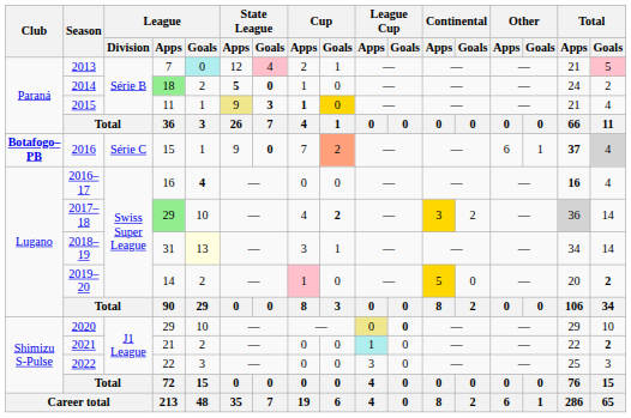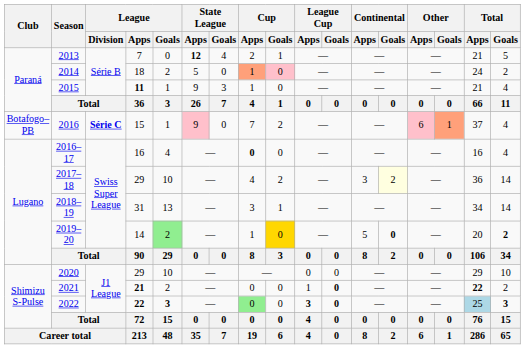 <table class="wikitable" style="text-align: center;">
 <tr>
 <th rowspan="2">Club</th>
 <th rowspan="2">Season</th>
 <th colspan="3">League</th>
 <th colspan="2">State League</th>
 <th colspan="2">Cup</th>
 <th colspan="2">League Cup</th>
 <th colspan="2">Continental</th>
 <th colspan="2">Other</th>
 <th colspan="2">Total</th>
 </tr>
 <tr>
 <th>Division</th>
 <th>Apps</th>
 <th>Goals</th>
 <th>Apps</th>
 <th>Goals</th>
 <th>Apps</th>
 <th>Goals</th>
 <th>Apps</th>
 <th>Goals</th>
 <th>Apps</th>
 <th>Goals</th>
 <th>Apps</th>
 <th>Goals</th>
 <th>Apps</th>
 <th>Goals</th>
 </tr>
 <tr>
 <td rowspan="4" valign="center"><a href='#'>Paraná</a></td>
 <td><a href='#'>2013</a></td>
 <td rowspan="3"><a href='#'>Série B</a></td>
 <td>7</td>
-<td style="background: paleturquoise;">0</td>
-<td>12</td>
-<td style="background: pink;">4</td>
+<td>0</td>
+<td><strong>12</strong></td>
+<td>4</td>
 <td>2</td>
 <td>1</td>
 <td colspan="2">—</td>
 <td colspan="2">—</td>
 <td colspan="2">—</td>
 <td>21</td>
-<td style="background: pink;">5</td>
+<td>5</td>
 </tr>
 <tr>
 <td><a href='#'>2014</a></td>
-<td style="background: lightgreen;">18</td>
+<td>18</td>
 <td>2</td>
-<td><strong>5</strong></td>
-<td><strong>0</strong></td>
-<td>1</td>
+<td>5</td>
 <td>0</td>
+<td style="background: lightsalmon;">1</td>
+<td style="background: pink;">0</td>
 <td colspan="2">—</td>
 <td colspan="2">—</td>
 <td colspan="2">—</td>
 <td>24</td>
 <td>2</td>
 </tr>
 <tr>
 <td><a href='#'>2015</a></td>
-<td>11</td>
+<td><strong>11</strong></td>
 <td>1</td>
-<td style="background: khaki;">9</td>
-<td><strong>3</strong></td>
-<td><strong>1</strong></td>
-<td style="background: gold;">0</td>
+<td>9</td>
+<td>3</td>
+<td>1</td>
+<td>0</td>
 <td colspan="2">—</td>
 <td colspan="2">—</td>
 <td colspan="2">—</td>
 <td>21</td>
 <td>4</td>
 </tr>
 <tr>
 <th colspan="2">Total</th>
 <th>36</th>
 <th>3</th>
 <th>26</th>
 <th>7</th>
 <th>4</th>
 <th>1</th>
 <th>0</th>
 <th>0</th>
 <th>0</th>
 <th>0</th>
 <th>0</th>
 <th>0</th>
 <th>66</th>
 <th>11</th>
 </tr>
 <tr>
-<td valign="center"><strong><a href='#'>Botafogo–PB</a></strong></td>
+<td valign="center"><a href='#'>Botafogo–PB</a></td>
 <td><a href='#'>2016</a></td>
-<td><a href='#'>Série C</a></td>
+<td><strong><a href='#'>Série C</a></strong></td>
 <td>15</td>
 <td>1</td>
-<td>9</td>
-<td><strong>0</strong></td>
+<td style="background: pink;">9</td>
+<td>0</td>
 <td>7</td>
-<td style="background: lightsalmon;">2</td>
+<td>2</td>
 <td colspan="2">—</td>
 <td colspan="2">—</td>
-<td>6</td>
-<td>1</td>
-<td><strong>37</strong></td>
-<td style="background: lightgrey;">4</td>
+<td style="background: pink;">6</td>
+<td style="background: lightsalmon;">1</td>
+<td>37</td>
+<td>4</td>
 </tr>
 <tr>
 <td rowspan="5" valign="center"><a href='#'>Lugano</a></td>
 <td><a href='#'>2016–17</a></td>
 <td rowspan="4"><a href='#'>Swiss Super League</a></td>
 <td>16</td>
-<td><strong>4</strong></td>
+<td>4</td>
 <td colspan="2">—</td>
-<td>0</td>
+<td><strong>0</strong></td>
 <td>0</td>
 <td colspan="2">—</td>
 <td colspan="2">—</td>
 <td colspan="2">—</td>
-<td><strong>16</strong></td>
+<td>16</td>
 <td>4</td>
 </tr>
 <tr>
 <td><a href='#'>2017–18</a></td>
-<td style="background: lightgreen;">29</td>
+<td>29</td>
 <td>10</td>
 <td colspan="2">—</td>
 <td>4</td>
-<td><strong>2</strong></td>
-<td colspan="2">—</td>
-<td style="background: gold;">3</td>
 <td>2</td>
 <td colspan="2">—</td>
-<td style="background: lightgrey;">36</td>
+<td>3</td>
+<td style="background: lightyellow;">2</td>
+<td colspan="2">—</td>
+<td>36</td>
 <td>14</td>
 </tr>
 <tr>
 <td><a href='#'>2018–19</a></td>
 <td>31</td>
-<td style="background: lightyellow;">13</td>
+<td>13</td>
 <td colspan="2">—</td>
 <td>3</td>
 <td>1</td>
 <td colspan="2">—</td>
 <td colspan="2">—</td>
 <td colspan="2">—</td>
 <td>34</td>
 <td>14</td>
 </tr>
 <tr>
 <td><a href='#'>2019–20</a></td>
 <td>14</td>
-<td>2</td>
+<td style="background: lightgreen;">2</td>
 <td colspan="2">—</td>
-<td style="background: pink;">1</td>
-<td>0</td>
+<td>1</td>
+<td style="background: gold;">0</td>
 <td colspan="2">—</td>
-<td style="background: gold;">5</td>
-<td>0</td>
+<td>5</td>
+<td><strong>0</strong></td>
 <td colspan="2">—</td>
 <td>20</td>
 <td><strong>2</strong></td>
 </tr>
 <tr>
 <th colspan="2">Total</th>
 <th>90</th>
 <th>29</th>
 <th>0</th>
 <th>0</th>
 <th>8</th>
 <th>3</th>
 <th>0</th>
 <th>0</th>
 <th>8</th>
 <th>2</th>
 <th>0</th>
 <th>0</th>
 <th>106</th>
 <th>34</th>
 </tr>
 <tr>
 <td rowspan="4" valign="center"><a href='#'>Shimizu S-Pulse</a></td>
 <td><a href='#'>2020</a></td>
 <td rowspan="3"><a href='#'>J1 League</a></td>
 <td>29</td>
 <td>10</td>
 <td colspan="2">—</td>
 <td colspan="2">—</td>
-<td style="background: khaki;">0</td>
-<td><strong>0</strong></td>
+<td>0</td>
+<td>0</td>
 <td colspan="2">—</td>
 <td colspan="2">—</td>
 <td>29</td>
 <td>10</td>
 </tr>
 <tr>
 <td><a href='#'>2021</a></td>
-<td>21</td>
+<td><strong>21</strong></td>
 <td>2</td>
 <td colspan="2">—</td>
 <td>0</td>
 <td>0</td>
-<td style="background: paleturquoise;">1</td>
-<td>0</td>
+<td>1</td>
+<td><strong>0</strong></td>
 <td colspan="2">—</td>
 <td colspan="2">—</td>
-<td>22</td>
-<td><strong>2</strong></td>
+<td><strong>22</strong></td>
+<td>2</td>
 </tr>
 <tr>
 <td><a href='#'>2022</a></td>
-<td>22</td>
-<td>3</td>
+<td><strong>22</strong></td>
+<td><strong>3</strong></td>
 <td colspan="2">—</td>
+<td style="background: lightgreen;">0</td>
 <td>0</td>
-<td>0</td>
-<td>3</td>
-<td>0</td>
+<td><strong>3</strong></td>
+<td><strong>0</strong></td>
 <td colspan="2">—</td>
 <td colspan="2">—</td>
-<td>25</td>
-<td>3</td>
+<td style="background: lightblue;">25</td>
+<td><strong>3</strong></td>
 </tr>
 <tr>
 <th colspan="2">Total</th>
 <th>72</th>
 <th>15</th>
 <th>0</th>
 <th>0</th>
 <th>0</th>
 <th>0</th>
 <th>4</th>
 <th>0</th>
 <th>0</th>
 <th>0</th>
 <th>0</th>
 <th>0</th>
 <th>76</th>
 <th>15</th>
 </tr>
 <tr>
 <th colspan="3"><strong>Career total</strong></th>
 <th>213</th>
 <th>48</th>
 <th>35</th>
 <th>7</th>
 <th>19</th>
 <th>6</th>
 <th>4</th>
 <th>0</th>
 <th>8</th>
 <th>2</th>
 <th>6</th>
 <th>1</th>
 <th>286</th>
 <th>65</th>
 </tr>
 </table>
